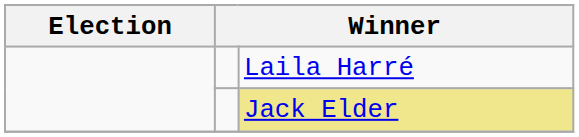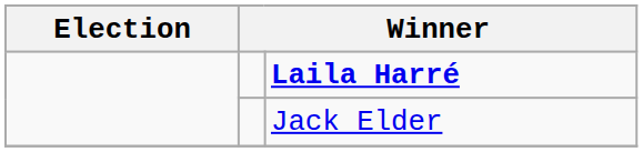 <table class="wikitable">
 <tr>
 <th width=100>Election</th>
 <th width=175 colspan=2>Winner</th>
 </tr>
 <tr>
 <td rowspan=2></td>
 <td></td>
-<td><a href='#'>Laila Harré</a></td>
+<td><strong><a href='#'>Laila Harré</a></strong></td>
 </tr>
 <tr>
 <td></td>
-<td style="background: khaki;"><a href='#'>Jack Elder</a></td>
+<td><a href='#'>Jack Elder</a></td>
 </tr>
 <tr>
 </tr>
 </table>
